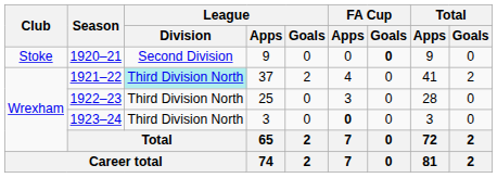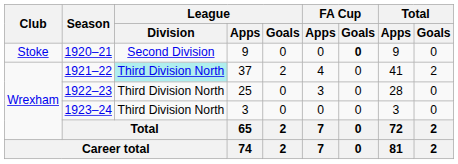 <table class="wikitable" style="text-align: center;">
 <tr>
 <th rowspan="2">Club</th>
 <th rowspan="2">Season</th>
 <th colspan="3">League</th>
 <th colspan="2">FA Cup</th>
 <th colspan="2">Total</th>
 </tr>
 <tr>
 <th>Division</th>
 <th>Apps</th>
 <th>Goals</th>
 <th>Apps</th>
 <th>Goals</th>
 <th>Apps</th>
 <th>Goals</th>
 </tr>
 <tr>
 <td><a href='#'>Stoke</a></td>
 <td><a href='#'>1920–21</a></td>
 <td><a href='#'>Second Division</a></td>
 <td>9</td>
 <td>0</td>
 <td>0</td>
 <td><strong>0</strong></td>
 <td>9</td>
 <td>0</td>
 </tr>
 <tr>
 <td rowspan=4><a href='#'>Wrexham</a></td>
 <td><a href='#'>1921–22</a></td>
 <td style="background: paleturquoise;"><a href='#'>Third Division North</a></td>
 <td>37</td>
 <td>2</td>
 <td>4</td>
 <td>0</td>
 <td>41</td>
 <td>2</td>
 </tr>
 <tr>
 <td><a href='#'>1922–23</a></td>
 <td>Third Division North</td>
 <td>25</td>
 <td>0</td>
 <td>3</td>
 <td>0</td>
 <td>28</td>
 <td>0</td>
 </tr>
 <tr>
 <td><a href='#'>1923–24</a></td>
 <td>Third Division North</td>
 <td>3</td>
 <td>0</td>
-<td><strong>0</strong></td>
+<td>0</td>
 <td>0</td>
 <td>3</td>
 <td>0</td>
 </tr>
 <tr>
 <th colspan=2>Total</th>
 <th>65</th>
 <th>2</th>
 <th>7</th>
 <th>0</th>
 <th>72</th>
 <th>2</th>
 </tr>
 <tr>
 <th colspan="3">Career total</th>
 <th>74</th>
 <th>2</th>
 <th>7</th>
 <th>0</th>
 <th>81</th>
 <th>2</th>
 </tr>
 </table>
